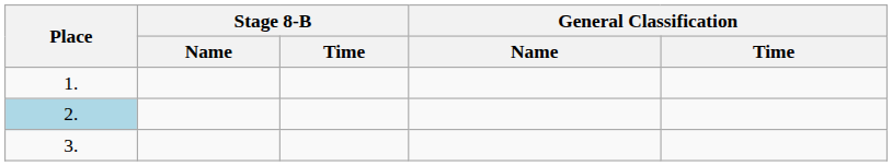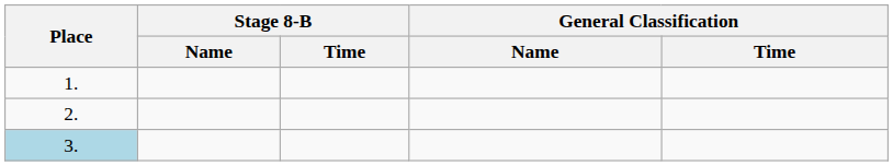 <table class="wikitable"  style="font-size:95%; width:80%;">
 <tr>
 <th rowspan="2">Place</th>
 <th colspan="2">Stage 8-B</th>
 <th colspan="2">General Classification</th>
 </tr>
 <tr>
 <th>Name</th>
 <th>Time</th>
 <th>Name</th>
 <th>Time</th>
 </tr>
 <tr>
 <td style="text-align:center;">1.</td>
 <td></td>
 <td></td>
 <td></td>
 <td></td>
 </tr>
 <tr>
-<td style="background: lightblue; text-align:center;">2.</td>
+<td style="text-align:center;">2.</td>
 <td></td>
 <td></td>
 <td></td>
 <td></td>
 </tr>
 <tr>
-<td style="text-align:center;">3.</td>
+<td style="background: lightblue; text-align:center;">3.</td>
 <td></td>
 <td></td>
 <td></td>
 <td></td>
 </tr>
 </table>
